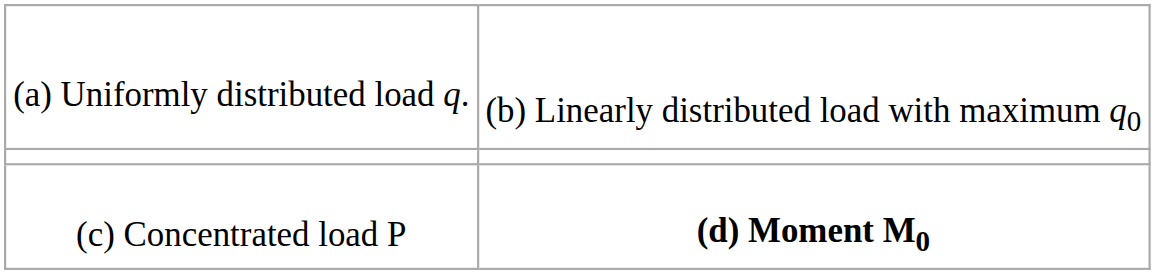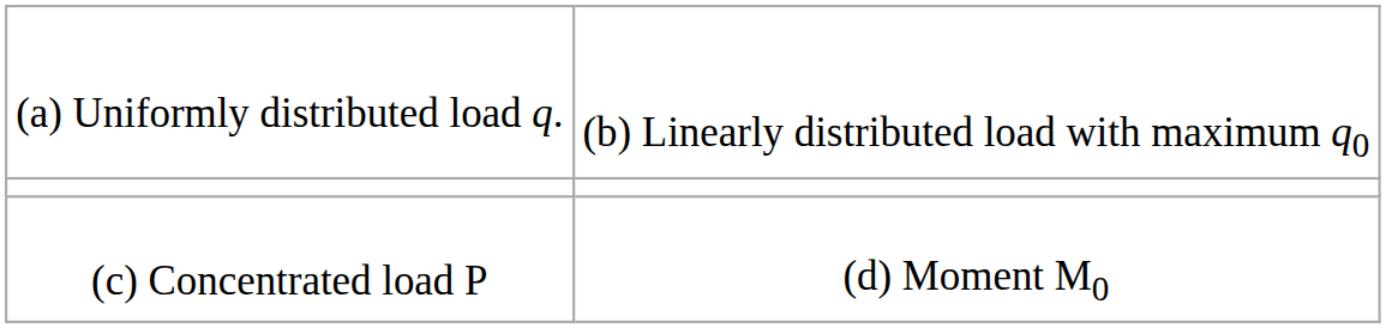 <table class="wikitable" style="background:white; text-align:center;">
 <tr>
 <td><br>(a) Uniformly distributed load <em>q</em>.</td>
 <td><br><br>(b) Linearly distributed load with maximum <em>q</em><sub>0</sub></td>
 </tr>
 <tr>
 <td></td>
 <td></td>
 </tr>
 <tr>
 <td><br>(c) Concentrated load P</td>
-<td><strong><br>(d) Moment M<sub>0</sub></strong></td>
+<td><br>(d) Moment M<sub>0</sub></td>
 </tr>
 </table>
